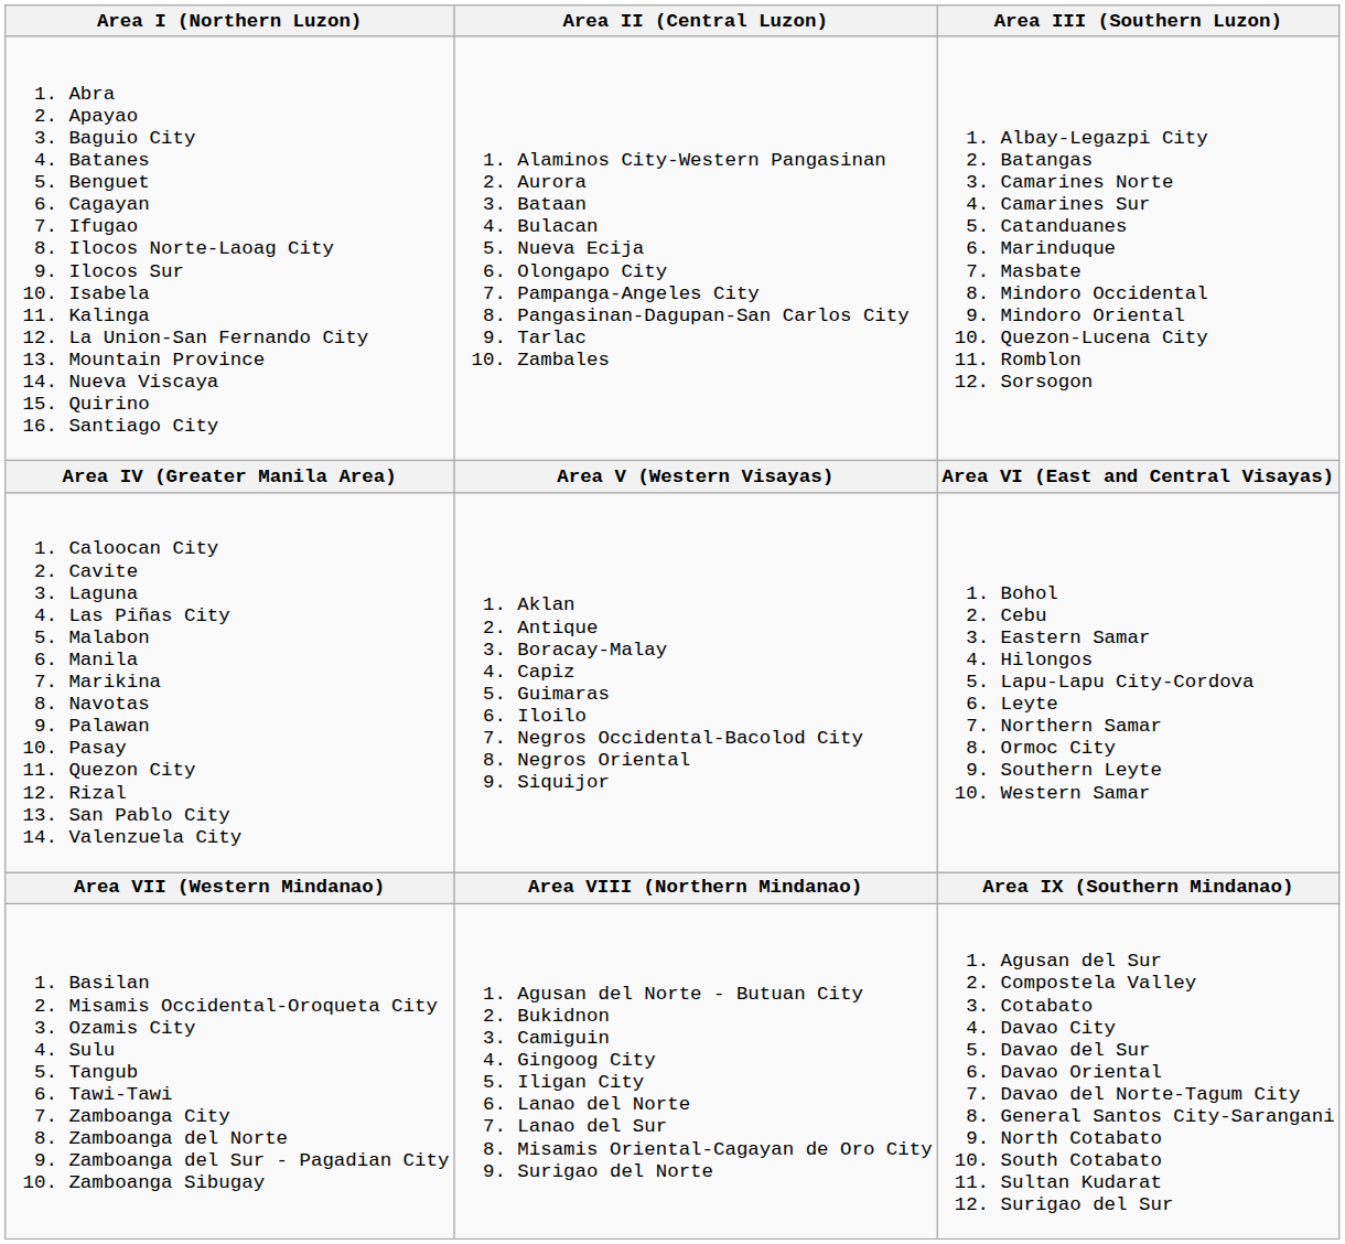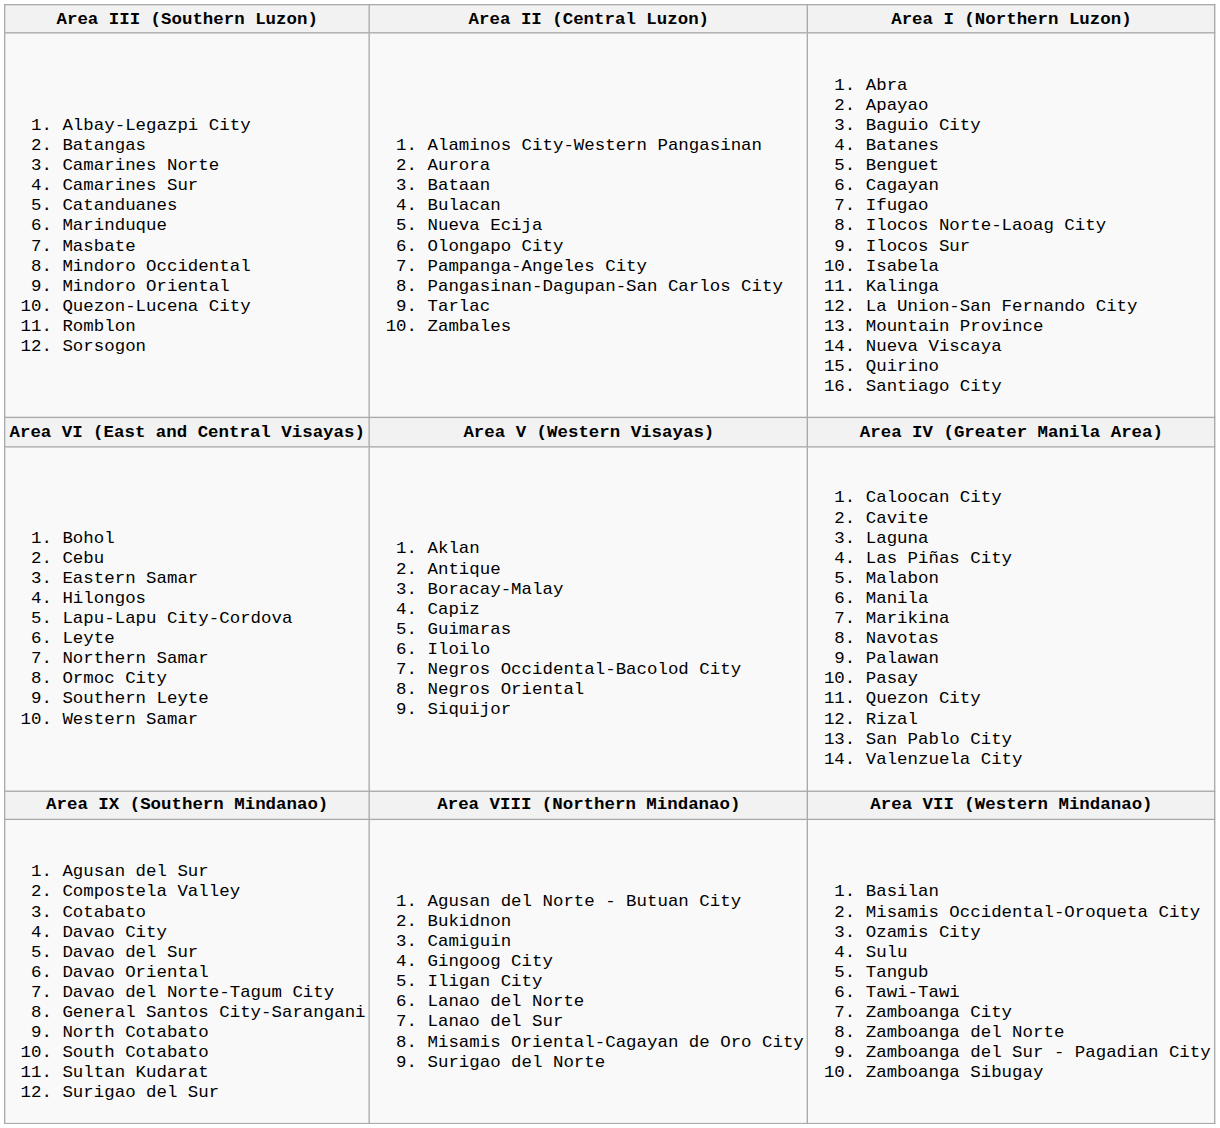 <table class="wikitable">
 <tr>
+<th>Area III (Southern Luzon)</th>
+<th>Area II (Central Luzon)</th>
 <th>Area I (Northern Luzon)</th>
-<th>Area II (Central Luzon)</th>
-<th>Area III (Southern Luzon)</th>
 </tr>
 <tr>
+<td><br><ol><li>Albay-Legazpi City</li><li>Batangas</li><li>Camarines Norte</li><li>Camarines Sur</li><li>Catanduanes</li><li>Marinduque</li><li>Masbate</li><li>Mindoro Occidental</li><li>Mindoro Oriental</li><li>Quezon-Lucena City</li><li>Romblon</li><li>Sorsogon</li></ol></td>
+<td><br><ol><li>Alaminos City-Western Pangasinan</li><li>Aurora</li><li>Bataan</li><li>Bulacan</li><li>Nueva Ecija</li><li>Olongapo City</li><li>Pampanga-Angeles City</li><li>Pangasinan-Dagupan-San Carlos City</li><li>Tarlac</li><li>Zambales</li></ol></td>
 <td><br><ol><li>Abra</li><li>Apayao</li><li>Baguio City</li><li>Batanes</li><li>Benguet</li><li>Cagayan</li><li>Ifugao</li><li>Ilocos Norte-Laoag City</li><li>Ilocos Sur</li><li>Isabela</li><li>Kalinga</li><li>La Union-San Fernando City</li><li>Mountain Province</li><li>Nueva Viscaya</li><li>Quirino</li><li>Santiago City</li></ol></td>
-<td><br><ol><li>Alaminos City-Western Pangasinan</li><li>Aurora</li><li>Bataan</li><li>Bulacan</li><li>Nueva Ecija</li><li>Olongapo City</li><li>Pampanga-Angeles City</li><li>Pangasinan-Dagupan-San Carlos City</li><li>Tarlac</li><li>Zambales</li></ol></td>
-<td><br><ol><li>Albay-Legazpi City</li><li>Batangas</li><li>Camarines Norte</li><li>Camarines Sur</li><li>Catanduanes</li><li>Marinduque</li><li>Masbate</li><li>Mindoro Occidental</li><li>Mindoro Oriental</li><li>Quezon-Lucena City</li><li>Romblon</li><li>Sorsogon</li></ol></td>
 </tr>
 <tr>
+<th>Area VI (East and Central Visayas)</th>
+<th>Area V (Western Visayas)</th>
 <th>Area IV (Greater Manila Area)</th>
-<th>Area V (Western Visayas)</th>
-<th>Area VI (East and Central Visayas)</th>
 </tr>
 <tr>
+<td><br><ol><li>Bohol</li><li>Cebu</li><li>Eastern Samar</li><li>Hilongos</li><li>Lapu-Lapu City-Cordova</li><li>Leyte</li><li>Northern Samar</li><li>Ormoc City</li><li>Southern Leyte</li><li>Western Samar</li></ol></td>
+<td><br><ol><li>Aklan</li><li>Antique</li><li>Boracay-Malay</li><li>Capiz</li><li>Guimaras</li><li>Iloilo</li><li>Negros Occidental-Bacolod City</li><li>Negros Oriental</li><li>Siquijor</li></ol></td>
 <td><br><ol><li>Caloocan City</li><li>Cavite</li><li>Laguna</li><li>Las Piñas City</li><li>Malabon</li><li>Manila</li><li>Marikina</li><li>Navotas</li><li>Palawan</li><li>Pasay</li><li>Quezon City</li><li>Rizal</li><li>San Pablo City</li><li>Valenzuela City</li></ol></td>
-<td><br><ol><li>Aklan</li><li>Antique</li><li>Boracay-Malay</li><li>Capiz</li><li>Guimaras</li><li>Iloilo</li><li>Negros Occidental-Bacolod City</li><li>Negros Oriental</li><li>Siquijor</li></ol></td>
-<td><br><ol><li>Bohol</li><li>Cebu</li><li>Eastern Samar</li><li>Hilongos</li><li>Lapu-Lapu City-Cordova</li><li>Leyte</li><li>Northern Samar</li><li>Ormoc City</li><li>Southern Leyte</li><li>Western Samar</li></ol></td>
 </tr>
 <tr>
+<th>Area IX (Southern Mindanao)</th>
+<th>Area VIII (Northern Mindanao)</th>
 <th>Area VII (Western Mindanao)</th>
-<th>Area VIII (Northern Mindanao)</th>
-<th>Area IX (Southern Mindanao)</th>
 </tr>
 <tr>
+<td><br><ol><li>Agusan del Sur</li><li>Compostela Valley</li><li>Cotabato</li><li>Davao City</li><li>Davao del Sur</li><li>Davao Oriental</li><li>Davao del Norte-Tagum City</li><li>General Santos City-Sarangani</li><li>North Cotabato</li><li>South Cotabato</li><li>Sultan Kudarat</li><li>Surigao del Sur</li></ol></td>
+<td><br><ol><li>Agusan del Norte - Butuan City</li><li>Bukidnon</li><li>Camiguin</li><li>Gingoog City</li><li>Iligan City</li><li>Lanao del Norte</li><li>Lanao del Sur</li><li>Misamis Oriental-Cagayan de Oro City</li><li>Surigao del Norte</li></ol></td>
 <td><br><ol><li>Basilan</li><li>Misamis Occidental-Oroqueta City</li><li>Ozamis City</li><li>Sulu</li><li>Tangub</li><li>Tawi-Tawi</li><li>Zamboanga City</li><li>Zamboanga del Norte</li><li>Zamboanga del Sur - Pagadian City</li><li>Zamboanga Sibugay</li></ol></td>
-<td><br><ol><li>Agusan del Norte - Butuan City</li><li>Bukidnon</li><li>Camiguin</li><li>Gingoog City</li><li>Iligan City</li><li>Lanao del Norte</li><li>Lanao del Sur</li><li>Misamis Oriental-Cagayan de Oro City</li><li>Surigao del Norte</li></ol></td>
-<td><br><ol><li>Agusan del Sur</li><li>Compostela Valley</li><li>Cotabato</li><li>Davao City</li><li>Davao del Sur</li><li>Davao Oriental</li><li>Davao del Norte-Tagum City</li><li>General Santos City-Sarangani</li><li>North Cotabato</li><li>South Cotabato</li><li>Sultan Kudarat</li><li>Surigao del Sur</li></ol></td>
 </tr>
 </table>
